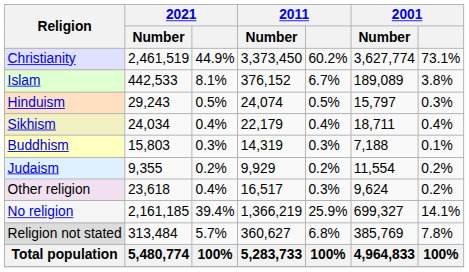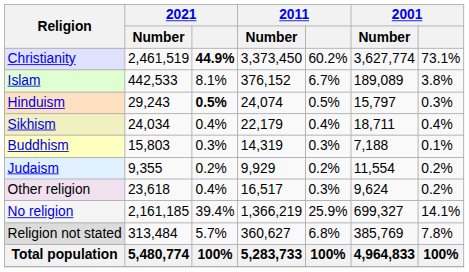 <table class="wikitable sortable">
 <tr>
 <th rowspan="2">Religion</th>
 <th colspan="2"><a href='#'>2021</a></th>
 <th colspan="2"><a href='#'>2011</a></th>
 <th colspan="2"><a href='#'>2001</a></th>
 </tr>
 <tr>
 <th>Number</th>
 <th></th>
 <th>Number</th>
 <th></th>
 <th>Number</th>
 <th></th>
 </tr>
 <tr>
 <td style="background:#E0E0FF;"><a href='#'>Christianity</a></td>
 <td>2,461,519</td>
-<td>44.9%</td>
+<td><strong>44.9%</strong></td>
 <td>3,373,450</td>
 <td>60.2%</td>
 <td>3,627,774</td>
 <td>73.1%</td>
 </tr>
 <tr>
 <td style="background:#E0FFD0;"><a href='#'>Islam</a></td>
 <td>442,533</td>
 <td>8.1%</td>
 <td>376,152</td>
 <td>6.7%</td>
 <td>189,089</td>
 <td>3.8%</td>
 </tr>
 <tr>
 <td style="background:#FFE0C0;"><a href='#'>Hinduism</a></td>
 <td>29,243</td>
-<td>0.5%</td>
+<td><strong>0.5%</strong></td>
 <td>24,074</td>
 <td>0.5%</td>
 <td>15,797</td>
 <td>0.3%</td>
 </tr>
 <tr>
 <td style="background:#F0F0C0;"><a href='#'>Sikhism</a></td>
 <td>24,034</td>
 <td>0.4%</td>
 <td>22,179</td>
 <td>0.4%</td>
 <td>18,711</td>
 <td>0.4%</td>
 </tr>
 <tr>
 <td style="background:#FFFFC0;"><a href='#'>Buddhism</a></td>
 <td>15,803</td>
 <td>0.3%</td>
 <td>14,319</td>
 <td>0.3%</td>
 <td>7,188</td>
 <td>0.1%</td>
 </tr>
 <tr>
 <td style="background:#E0F0FF;"><a href='#'>Judaism</a></td>
 <td>9,355</td>
 <td>0.2%</td>
 <td>9,929</td>
 <td>0.2%</td>
 <td>11,554</td>
 <td>0.2%</td>
 </tr>
 <tr>
 <td style="background:#F0E0F0;">Other religion</td>
 <td>23,618</td>
 <td>0.4%</td>
 <td>16,517</td>
 <td>0.3%</td>
 <td>9,624</td>
 <td>0.2%</td>
 </tr>
 <tr>
 <td style="background:#F5F5F5;"><a href='#'>No religion</a></td>
 <td>2,161,185</td>
 <td>39.4%</td>
 <td>1,366,219</td>
 <td>25.9%</td>
 <td>699,327</td>
 <td>14.1%</td>
 </tr>
 <tr>
 <td style="background:#DCDCDC;">Religion not stated</td>
 <td>313,484</td>
 <td>5.7%</td>
 <td>360,627</td>
 <td>6.8%</td>
 <td>385,769</td>
 <td>7.8%</td>
 </tr>
 <tr>
 <th>Total population</th>
 <th><strong>5,480,774</strong></th>
 <th><strong>100%</strong></th>
 <th><strong>5,283,733</strong></th>
 <th><strong>100%</strong></th>
 <th><strong>4,964,833</strong></th>
 <th><strong>100%</strong></th>
 </tr>
 <tr>
 </tr>
 </table>
